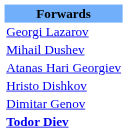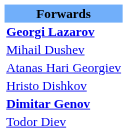 <table class="toccolours" border="0" cellpadding="2" cellspacing="0" align="left" style="margin:0.5em;">
 <tr>
 <th colspan="4" align="center" bgcolor="#71AFFA"><span>Forwards</span></th>
 </tr>
 <tr>
-<td> <a href='#'>Georgi Lazarov</a></td>
+<td><strong> <a href='#'>Georgi Lazarov</a></strong></td>
 </tr>
 <tr>
 <td> <a href='#'>Mihail Dushev</a></td>
 </tr>
 <tr>
 <td> <a href='#'>Atanas Hari Georgiev</a></td>
 </tr>
 <tr>
 <td> <a href='#'>Hristo Dishkov</a></td>
 </tr>
 <tr>
-<td> <a href='#'>Dimitar Genov</a></td>
+<td><strong> <a href='#'>Dimitar Genov</a></strong></td>
 </tr>
 <tr>
-<td><strong> <a href='#'>Todor Diev</a></strong></td>
+<td> <a href='#'>Todor Diev</a></td>
 </tr>
 <tr>
 </tr>
 </table>
